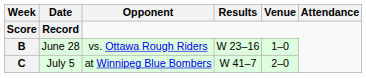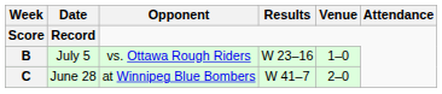 <table class="wikitable" style="text-align:center">
 <tr>
 <th>Week</th>
 <th>Date</th>
 <th>Opponent</th>
 <th>Results</th>
 <th>Venue</th>
 <th>Attendance</th>
 </tr>
 <tr>
 <th>Score</th>
 <th>Record</th>
 </tr>
 <tr style="background:#ddffdd">
 <th>B</th>
-<td>June 28</td>
+<td>July 5</td>
 <td>vs. <a href='#'>Ottawa Rough Riders</a></td>
 <td>W 23–16</td>
 <td>1–0</td>
 </tr>
 <tr style="background:#ddffdd">
 <th>C</th>
-<td>July 5</td>
+<td>June 28</td>
 <td>at <a href='#'>Winnipeg Blue Bombers</a></td>
 <td>W 41–7</td>
 <td>2–0</td>
 </tr>
 </table>
